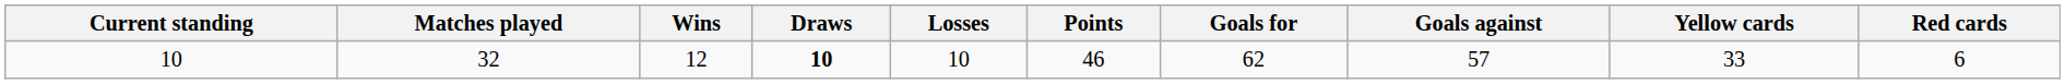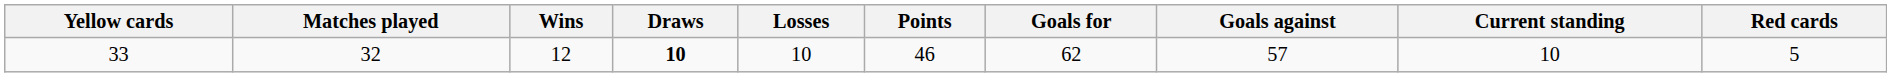 <table class="wikitable" style="width:100%; font-size:85%;">
 <tr>
-<th align=center>Current standing</th>
+<th align=center>Yellow cards<br></th>
 <th align=center>Matches played</th>
 <th align=center>Wins</th>
 <th align=center>Draws</th>
 <th align=center>Losses</th>
 <th align=center>Points</th>
 <th align=center>Goals for<br></th>
 <th align=center>Goals against<br></th>
-<th align=center>Yellow cards<br></th>
+<th align=center>Current standing</th>
 <th align=center>Red cards<br> </th>
 </tr>
 <tr>
-<td align=center>10</td>
+<td align=center>33</td>
 <td align=center>32</td>
 <td align=center>12</td>
 <td align=center><strong>10</strong></td>
 <td align=center>10</td>
 <td align=center>46</td>
 <td align=center>62</td>
 <td align=center>57</td>
-<td align=center>33</td>
-<td align=center>6</td>
+<td align=center>10</td>
+<td align=center>5</td>
 </tr>
 </table>
